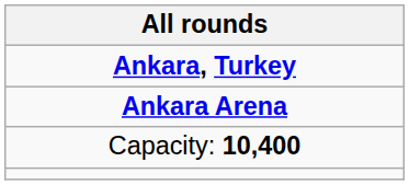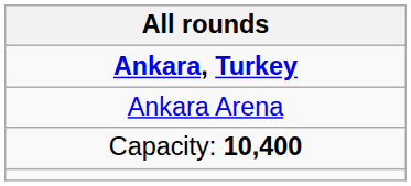 <table class=wikitable style=text-align:center width=250>
 <tr>
 <th>All rounds</th>
 </tr>
 <tr>
 <td><strong> <a href='#'>Ankara</a>, <a href='#'>Turkey</a></strong></td>
 </tr>
 <tr>
-<td><strong><a href='#'>Ankara Arena</a></strong></td>
+<td><a href='#'>Ankara Arena</a></td>
 </tr>
 <tr>
 <td>Capacity: <strong>10,400</strong></td>
 </tr>
 <tr>
 <td></td>
 </tr>
 </table>
